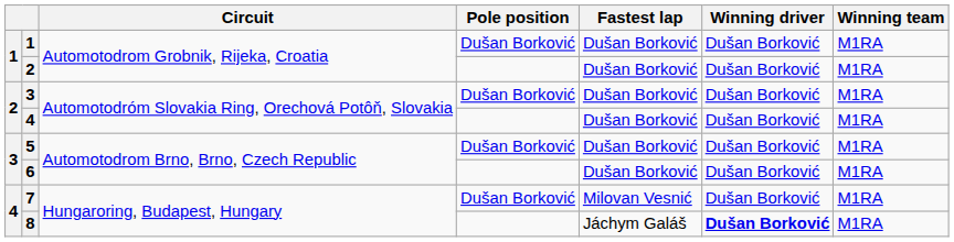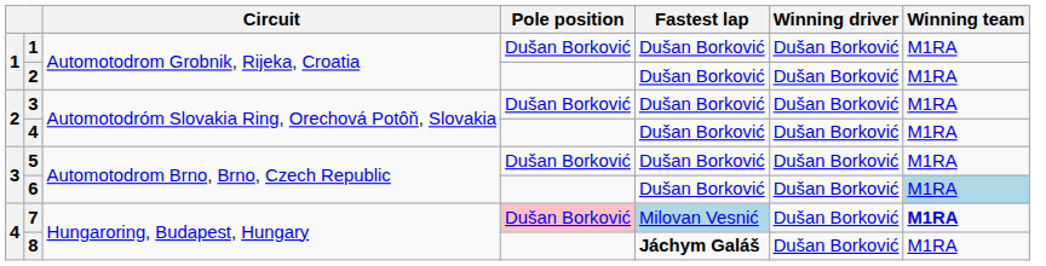 <table class="wikitable" style="font-size: 85%;">
 <tr>
 <th colspan="2"></th>
 <th>Circuit</th>
 <th>Pole position</th>
 <th>Fastest lap</th>
 <th>Winning driver</th>
 <th>Winning team</th>
 </tr>
 <tr>
 <th rowspan="2">1</th>
 <th>1</th>
 <td rowspan="2"> <a href='#'>Automotodrom Grobnik</a>, <a href='#'>Rijeka</a>, <a href='#'>Croatia</a></td>
 <td> <a href='#'>Dušan Borković</a></td>
 <td> <a href='#'>Dušan Borković</a></td>
 <td> <a href='#'>Dušan Borković</a></td>
 <td> <a href='#'>M1RA</a></td>
 </tr>
 <tr>
 <th>2</th>
 <td></td>
 <td> <a href='#'>Dušan Borković</a></td>
 <td> <a href='#'>Dušan Borković</a></td>
 <td> <a href='#'>M1RA</a></td>
 </tr>
 <tr>
 <th rowspan="2">2</th>
 <th>3</th>
 <td rowspan="2"> <a href='#'>Automotodróm Slovakia Ring</a>, <a href='#'>Orechová Potôň</a>, <a href='#'>Slovakia</a></td>
 <td> <a href='#'>Dušan Borković</a></td>
 <td> <a href='#'>Dušan Borković</a></td>
 <td> <a href='#'>Dušan Borković</a></td>
 <td> <a href='#'>M1RA</a></td>
 </tr>
 <tr>
 <th>4</th>
 <td></td>
 <td> <a href='#'>Dušan Borković</a></td>
 <td> <a href='#'>Dušan Borković</a></td>
 <td> <a href='#'>M1RA</a></td>
 </tr>
 <tr>
 <th rowspan="2">3</th>
 <th>5</th>
 <td rowspan="2"> <a href='#'>Automotodrom Brno</a>, <a href='#'>Brno</a>, <a href='#'>Czech Republic</a></td>
 <td> <a href='#'>Dušan Borković</a></td>
 <td> <a href='#'>Dušan Borković</a></td>
 <td> <a href='#'>Dušan Borković</a></td>
 <td> <a href='#'>M1RA</a></td>
 </tr>
 <tr>
 <th>6</th>
 <td></td>
 <td> <a href='#'>Dušan Borković</a></td>
 <td> <a href='#'>Dušan Borković</a></td>
-<td> <a href='#'>M1RA</a></td>
+<td style="background: lightblue;"> <a href='#'>M1RA</a></td>
 </tr>
 <tr>
 <th rowspan="2">4</th>
 <th>7</th>
 <td rowspan="2"> <a href='#'>Hungaroring</a>, <a href='#'>Budapest</a>, <a href='#'>Hungary</a></td>
+<td style="background: pink;"> <a href='#'>Dušan Borković</a></td>
+<td style="background: lightblue;"> <a href='#'>Milovan Vesnić</a></td>
 <td> <a href='#'>Dušan Borković</a></td>
-<td> <a href='#'>Milovan Vesnić</a></td>
-<td> <a href='#'>Dušan Borković</a></td>
-<td> <a href='#'>M1RA</a></td>
+<td><strong> <a href='#'>M1RA</a></strong></td>
 </tr>
 <tr>
 <th>8</th>
 <td></td>
-<td> Jáchym Galáš</td>
-<td><strong> <a href='#'>Dušan Borković</a></strong></td>
+<td><strong> Jáchym Galáš</strong></td>
+<td> <a href='#'>Dušan Borković</a></td>
 <td> <a href='#'>M1RA</a></td>
 </tr>
 </table>
